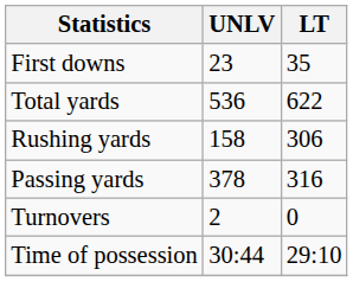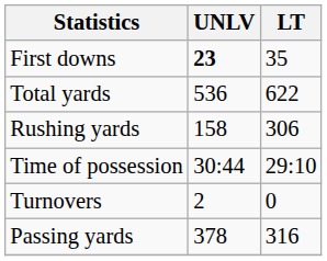 <table class="wikitable">
 <tr>
 <th>Statistics</th>
 <th>UNLV</th>
 <th>LT</th>
 </tr>
 <tr>
 <td>First downs</td>
-<td>23</td>
+<td><strong>23</strong></td>
 <td>35</td>
 </tr>
 <tr>
 <td>Total yards</td>
 <td>536</td>
 <td>622</td>
 </tr>
 <tr>
 <td>Rushing yards</td>
 <td>158</td>
 <td>306</td>
 </tr>
 <tr>
-<td>Passing yards</td>
-<td>378</td>
-<td>316</td>
+<td>Time of possession</td>
+<td>30:44</td>
+<td>29:10</td>
 </tr>
 <tr>
 <td>Turnovers</td>
 <td>2</td>
 <td>0</td>
 </tr>
 <tr>
-<td>Time of possession</td>
-<td>30:44</td>
-<td>29:10</td>
+<td>Passing yards</td>
+<td>378</td>
+<td>316</td>
 </tr>
 <tr>
 </tr>
 </table>
